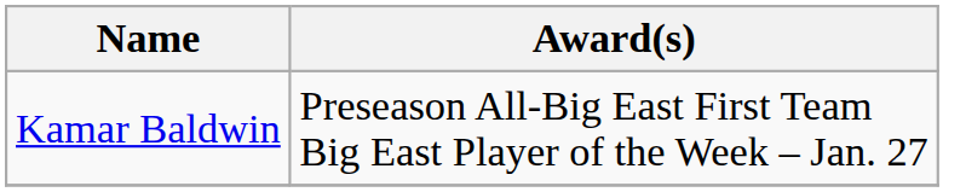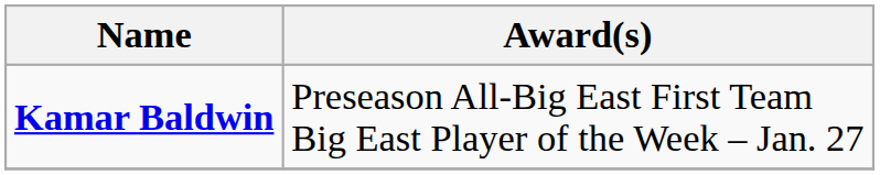 <table class="wikitable sortable" border="1">
 <tr>
 <th>Name</th>
 <th>Award(s)</th>
 </tr>
 <tr>
-<td><a href='#'>Kamar Baldwin</a></td>
+<td><strong><a href='#'>Kamar Baldwin</a></strong></td>
 <td>Preseason All-Big East First Team<br>Big East Player of the Week – Jan. 27</td>
 </tr>
 <tr>
 </tr>
 </table>
